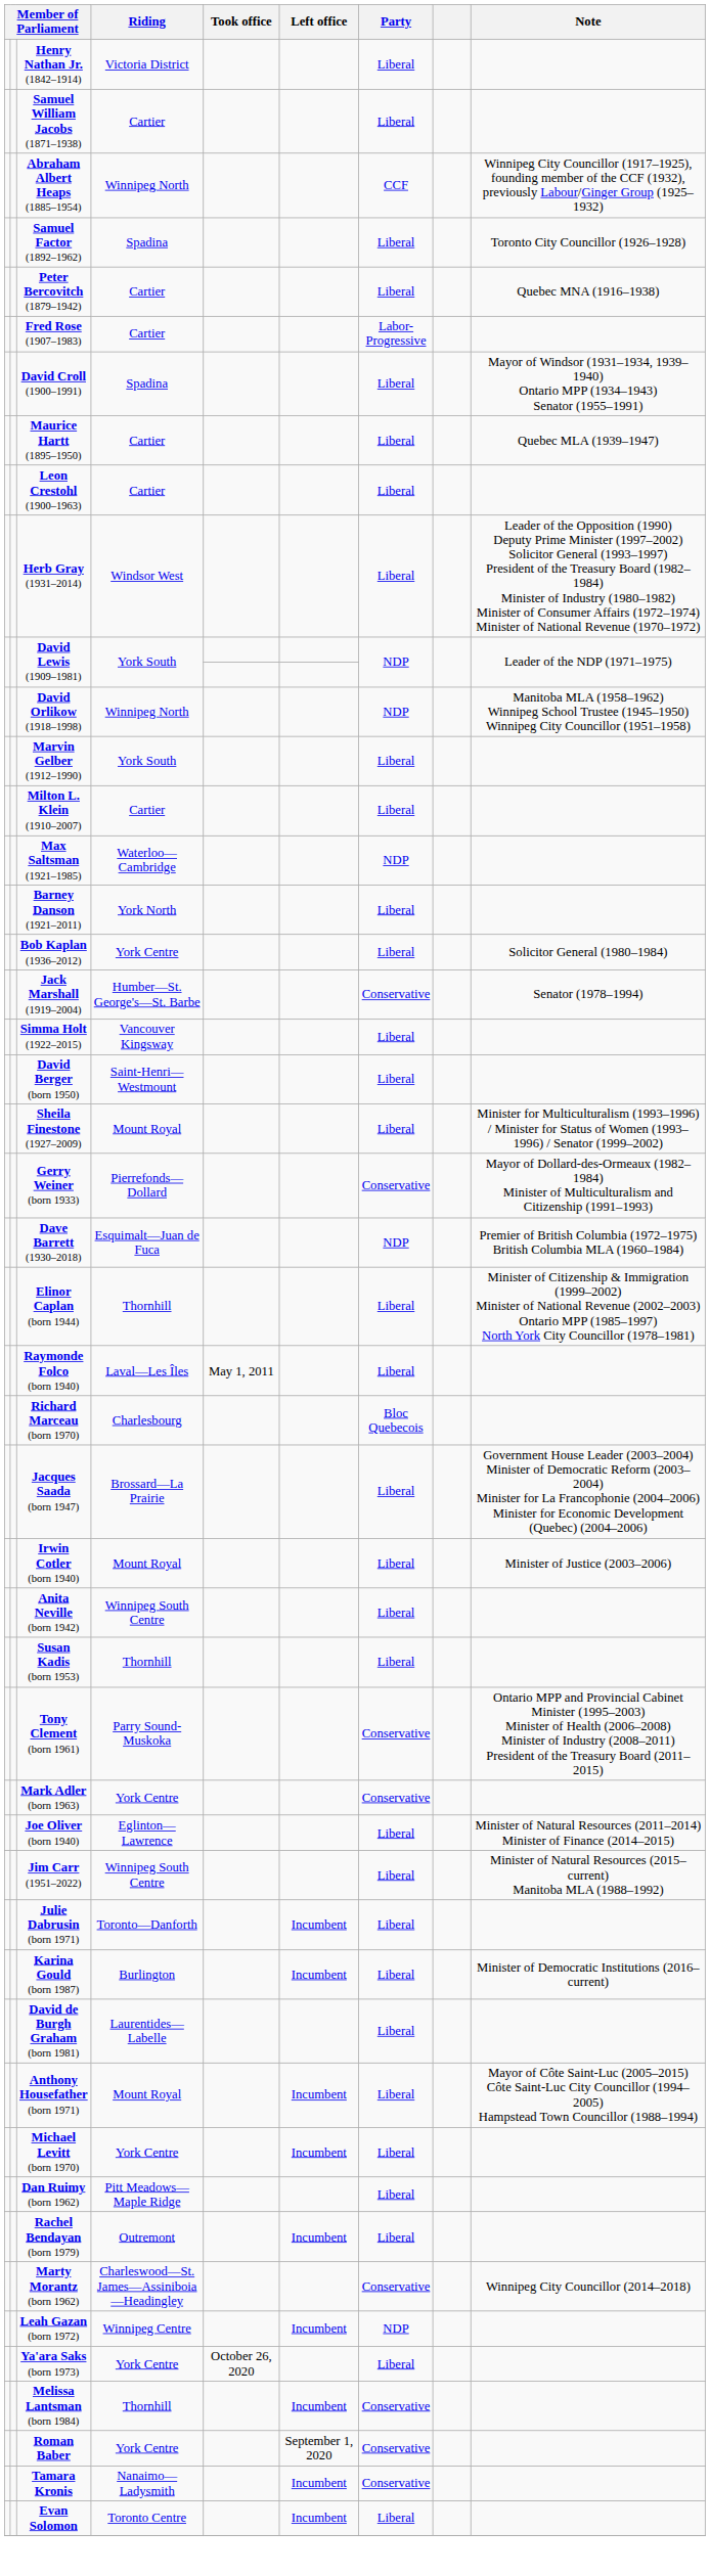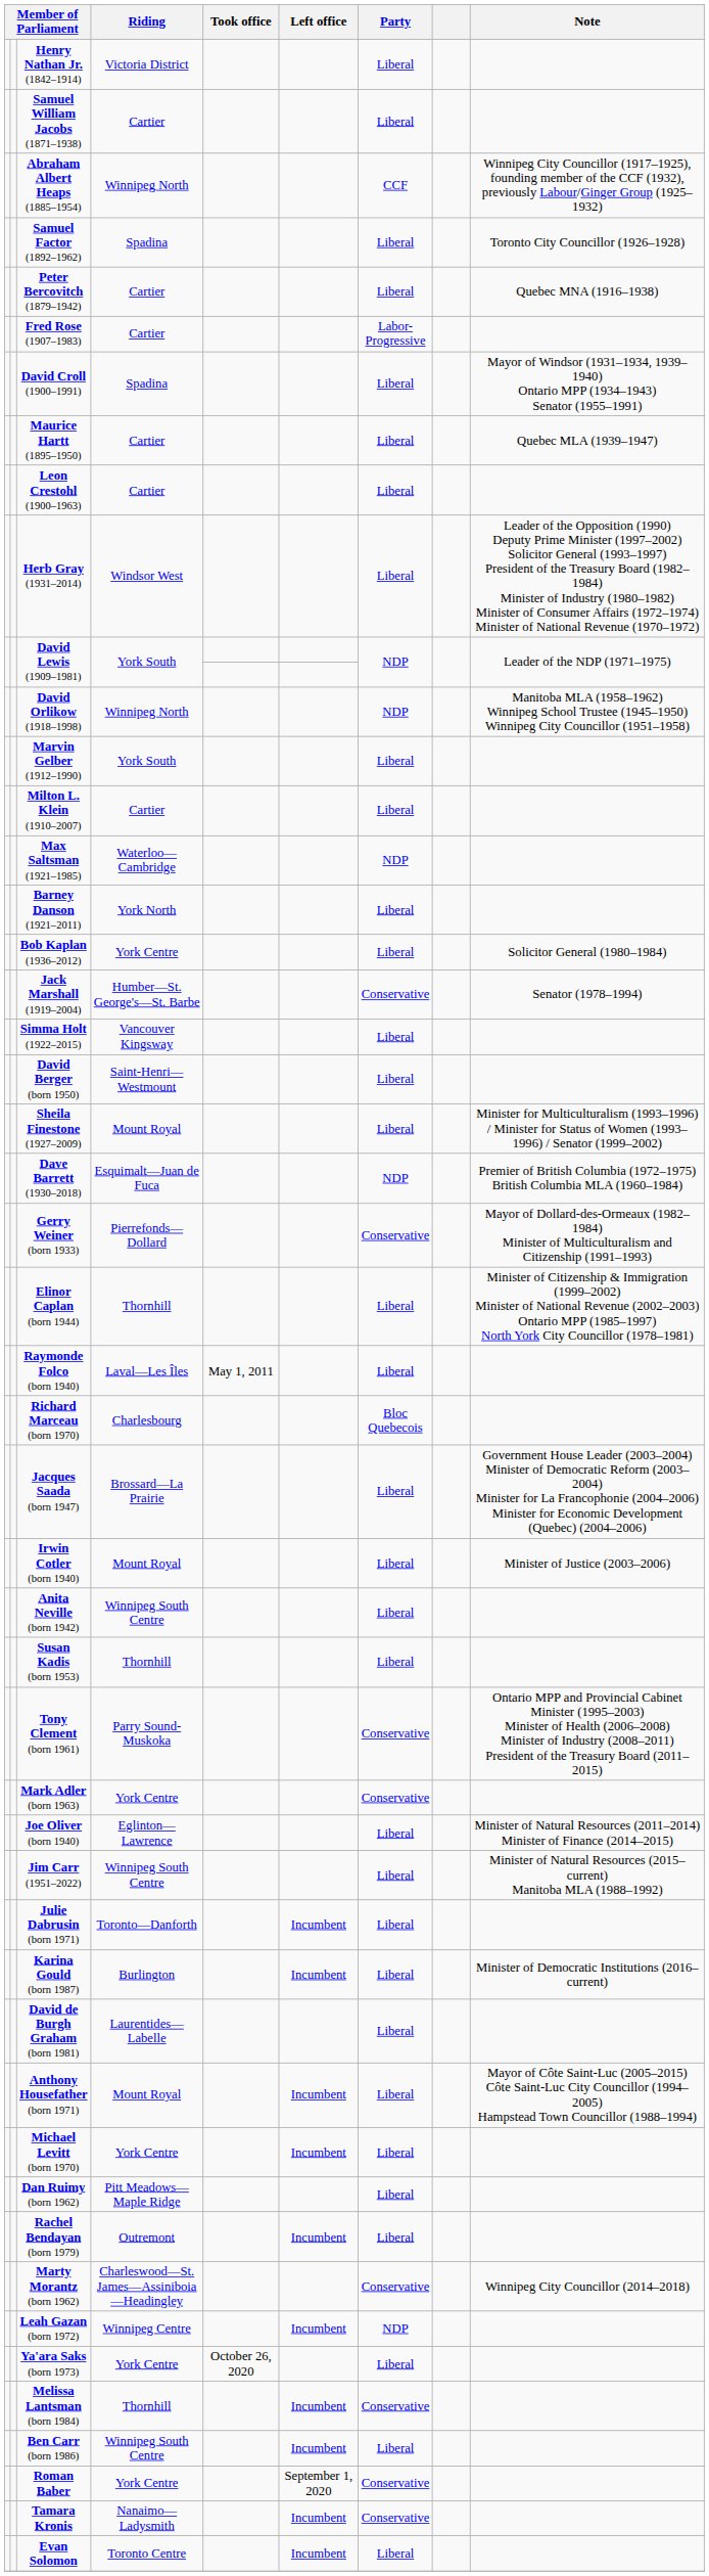 <table class="wikitable sortable plainrowheaders" style="text-align:center">
 <tr>
 <th colspan="3" class=unsortable><a href='#'>Member of Parliament</a></th>
 <th scope="col" width=150px><a href='#'>Riding</a></th>
 <th scope="col" width=100px>Took office</th>
 <th scope="col" width=100px>Left office</th>
 <th scope="col" width=70px><a href='#'>Party</a></th>
 <th scope="col" class=unsortable width=55px></th>
 <th scope="col" class=unsortable width=350px>Note</th>
 </tr>
 <tr>
 <td style="background:"></td>
 <td></td>
 <td><strong><a href='#'>Henry Nathan Jr.</a></strong><br><small>(1842–1914)</small></td>
 <td><a href='#'>Victoria District</a></td>
 <td></td>
 <td></td>
 <td><a href='#'>Liberal</a></td>
 <td></td>
 <td></td>
 </tr>
 <tr>
 <td style="background:"></td>
 <td></td>
 <td><strong><a href='#'>Samuel William Jacobs</a></strong><br><small>(1871–1938)</small></td>
 <td><a href='#'>Cartier</a></td>
 <td></td>
 <td></td>
 <td><a href='#'>Liberal</a></td>
 <td></td>
 <td></td>
 </tr>
 <tr>
 <td style="background:"></td>
 <td></td>
 <td><strong><a href='#'>Abraham Albert Heaps</a></strong><br><small>(1885–1954)</small></td>
 <td><a href='#'>Winnipeg North</a></td>
 <td></td>
 <td></td>
 <td><a href='#'>CCF</a></td>
 <td></td>
 <td>Winnipeg City Councillor (1917–1925), founding member of the CCF (1932), previously <a href='#'>Labour</a>/<a href='#'>Ginger Group</a> (1925–1932)</td>
 </tr>
 <tr>
 <td style="background:"></td>
 <td></td>
 <td><strong><a href='#'>Samuel Factor</a></strong><br><small>(1892–1962)</small></td>
 <td><a href='#'>Spadina</a></td>
 <td></td>
 <td></td>
 <td><a href='#'>Liberal</a></td>
 <td></td>
 <td>Toronto City Councillor (1926–1928)</td>
 </tr>
 <tr>
 <td style="background:"></td>
 <td></td>
 <td><strong><a href='#'>Peter Bercovitch</a></strong><br><small>(1879–1942)</small></td>
 <td><a href='#'>Cartier</a></td>
 <td></td>
 <td></td>
 <td><a href='#'>Liberal</a></td>
 <td></td>
 <td>Quebec MNA (1916–1938)</td>
 </tr>
 <tr>
 <td style="background:"></td>
 <td></td>
 <td><strong><a href='#'>Fred Rose</a></strong><br><small>(1907–1983)</small></td>
 <td><a href='#'>Cartier</a></td>
 <td></td>
 <td></td>
 <td><a href='#'>Labor-Progressive</a></td>
 <td></td>
 <td></td>
 </tr>
 <tr>
 <td style="background:"></td>
 <td></td>
 <td><strong><a href='#'>David Croll</a></strong><br><small>(1900–1991)</small></td>
 <td><a href='#'>Spadina</a></td>
 <td></td>
 <td></td>
 <td><a href='#'>Liberal</a></td>
 <td></td>
 <td>Mayor of Windsor (1931–1934, 1939–1940)<br>Ontario MPP (1934–1943)<br>Senator (1955–1991)</td>
 </tr>
 <tr>
 <td style="background:"></td>
 <td></td>
 <td><strong><a href='#'>Maurice Hartt</a></strong><br><small>(1895–1950)</small></td>
 <td><a href='#'>Cartier</a></td>
 <td></td>
 <td></td>
 <td><a href='#'>Liberal</a></td>
 <td></td>
 <td>Quebec MLA (1939–1947)</td>
 </tr>
 <tr>
 <td style="background:"></td>
 <td></td>
 <td><strong><a href='#'>Leon Crestohl</a></strong><br><small>(1900–1963)</small></td>
 <td><a href='#'>Cartier</a></td>
 <td></td>
 <td></td>
 <td><a href='#'>Liberal</a></td>
 <td></td>
 <td></td>
 </tr>
 <tr>
 <td style="background:"></td>
 <td></td>
 <td><strong><a href='#'>Herb Gray</a></strong><br><small>(1931–2014)</small></td>
 <td><a href='#'>Windsor West</a></td>
 <td></td>
 <td></td>
 <td><a href='#'>Liberal</a></td>
 <td></td>
 <td>Leader of the Opposition (1990)<br>Deputy Prime Minister (1997–2002)<br>Solicitor General (1993–1997)<br>President of the Treasury Board (1982–1984)<br>Minister of Industry (1980–1982)<br>Minister of Consumer Affairs (1972–1974)<br>Minister of National Revenue (1970–1972)</td>
 </tr>
 <tr>
 <td rowspan="2" style="background:"></td>
 <td rowspan="2"></td>
 <td rowspan="2"><strong><a href='#'>David Lewis</a></strong><br><small>(1909–1981)</small></td>
 <td rowspan="2"><a href='#'>York South</a></td>
 <td></td>
 <td></td>
 <td rowspan="2"><a href='#'>NDP</a></td>
 <td rowspan="2"></td>
 <td rowspan="2">Leader of the NDP (1971–1975)</td>
 </tr>
 <tr>
 <td></td>
 <td></td>
 </tr>
 <tr>
 <td style="background:"></td>
 <td></td>
 <td><strong><a href='#'>David Orlikow</a></strong><br><small>(1918–1998)</small></td>
 <td><a href='#'>Winnipeg North</a></td>
 <td></td>
 <td></td>
 <td><a href='#'>NDP</a></td>
 <td></td>
 <td>Manitoba MLA (1958–1962)<br>Winnipeg School Trustee (1945–1950)<br>Winnipeg City Councillor (1951–1958)</td>
 </tr>
 <tr>
 <td style="background:"></td>
 <td></td>
 <td><strong><a href='#'>Marvin Gelber</a></strong><br><small>(1912–1990)</small></td>
 <td><a href='#'>York South</a></td>
 <td></td>
 <td></td>
 <td><a href='#'>Liberal</a></td>
 <td></td>
 <td></td>
 </tr>
 <tr>
 <td style="background:"></td>
 <td></td>
 <td><strong><a href='#'>Milton L. Klein</a></strong><br><small>(1910–2007)</small></td>
 <td><a href='#'>Cartier</a></td>
 <td></td>
 <td></td>
 <td><a href='#'>Liberal</a></td>
 <td></td>
 <td></td>
 </tr>
 <tr>
 <td style="background:"></td>
 <td></td>
 <td><strong><a href='#'>Max Saltsman</a></strong><br><small>(1921–1985)</small></td>
 <td><a href='#'>Waterloo—Cambridge</a></td>
 <td></td>
 <td></td>
 <td><a href='#'>NDP</a></td>
 <td></td>
 <td></td>
 </tr>
 <tr>
 <td style="background:"></td>
 <td></td>
 <td><strong><a href='#'>Barney Danson</a></strong><br><small>(1921–2011)</small></td>
 <td><a href='#'>York North</a></td>
 <td></td>
 <td></td>
 <td><a href='#'>Liberal</a></td>
 <td></td>
 <td></td>
 </tr>
 <tr>
 <td style="background:"></td>
 <td></td>
 <td><strong><a href='#'>Bob Kaplan</a></strong><br><small>(1936–2012)</small></td>
 <td><a href='#'>York Centre</a></td>
 <td></td>
 <td></td>
 <td><a href='#'>Liberal</a></td>
 <td></td>
 <td>Solicitor General (1980–1984)</td>
 </tr>
 <tr>
 <td style="background:"></td>
 <td></td>
 <td><strong><a href='#'>Jack Marshall</a></strong><br><small>(1919–2004)</small></td>
 <td><a href='#'>Humber—St. George's—St. Barbe</a></td>
 <td></td>
 <td></td>
 <td><a href='#'>Conservative</a></td>
 <td></td>
 <td>Senator (1978–1994)</td>
 </tr>
 <tr>
 <td style="background:"></td>
 <td></td>
 <td><strong><a href='#'>Simma Holt</a></strong><br><small>(1922–2015)</small></td>
 <td><a href='#'>Vancouver Kingsway</a></td>
 <td></td>
 <td></td>
 <td><a href='#'>Liberal</a></td>
 <td></td>
 <td></td>
 </tr>
 <tr>
 <td style="background:"></td>
 <td></td>
 <td><strong><a href='#'>David Berger</a></strong><br><small>(born 1950)</small></td>
 <td><a href='#'>Saint-Henri—Westmount</a></td>
 <td></td>
 <td></td>
 <td><a href='#'>Liberal</a></td>
 <td></td>
 <td></td>
 </tr>
 <tr>
 <td style="background:"></td>
 <td></td>
 <td><strong><a href='#'>Sheila Finestone</a></strong><br><small>(1927–2009)</small></td>
 <td><a href='#'>Mount Royal</a></td>
 <td></td>
 <td></td>
 <td><a href='#'>Liberal</a></td>
 <td></td>
 <td>Minister for Multiculturalism (1993–1996) / Minister for Status of Women (1993–1996) / Senator (1999–2002)</td>
 </tr>
 <tr>
 <td style="background:"></td>
 <td></td>
+<td><strong><a href='#'>Dave Barrett</a></strong><br><small>(1930–2018)</small></td>
+<td><a href='#'>Esquimalt—Juan de Fuca</a></td>
+<td></td>
+<td></td>
+<td><a href='#'>NDP</a></td>
+<td></td>
+<td>Premier of British Columbia (1972–1975)<br>British Columbia MLA (1960–1984)</td>
+</tr>
+<tr>
+<td style="background:"></td>
+<td></td>
 <td><strong><a href='#'>Gerry Weiner</a></strong><br><small>(born 1933)</small></td>
 <td><a href='#'>Pierrefonds—Dollard</a></td>
 <td></td>
 <td></td>
 <td><a href='#'>Conservative</a></td>
 <td></td>
 <td>Mayor of Dollard-des-Ormeaux (1982–1984)<br>Minister of Multiculturalism and Citizenship (1991–1993)</td>
-</tr>
-<tr>
-<td style="background:"></td>
-<td></td>
-<td><strong><a href='#'>Dave Barrett</a></strong><br><small>(1930–2018)</small></td>
-<td><a href='#'>Esquimalt—Juan de Fuca</a></td>
-<td></td>
-<td></td>
-<td><a href='#'>NDP</a></td>
-<td></td>
-<td>Premier of British Columbia (1972–1975)<br>British Columbia MLA (1960–1984)</td>
 </tr>
 <tr>
 <td style="background:"></td>
 <td></td>
 <td><strong><a href='#'>Elinor Caplan</a></strong><br><small>(born 1944)</small></td>
 <td><a href='#'>Thornhill</a></td>
 <td></td>
 <td></td>
 <td><a href='#'>Liberal</a></td>
 <td></td>
 <td>Minister of Citizenship & Immigration (1999–2002)<br>Minister of National Revenue (2002–2003)<br>Ontario MPP (1985–1997)<br><a href='#'>North York</a> City Councillor (1978–1981)</td>
 </tr>
 <tr>
 <td style="background:"></td>
 <td></td>
 <td><strong><a href='#'>Raymonde Folco</a></strong><br><small>(born 1940)</small></td>
 <td><a href='#'>Laval—Les Îles</a></td>
 <td>May 1, 2011</td>
 <td></td>
 <td><a href='#'>Liberal</a></td>
 <td></td>
 <td></td>
 </tr>
 <tr>
 <td style="background:"></td>
 <td></td>
 <td><strong><a href='#'>Richard Marceau</a></strong><br><small>(born 1970)</small></td>
 <td><a href='#'>Charlesbourg</a></td>
 <td></td>
 <td></td>
 <td><a href='#'>Bloc Quebecois</a></td>
 <td></td>
 <td></td>
 </tr>
 <tr>
 <td style="background:"></td>
 <td></td>
 <td><strong><a href='#'>Jacques Saada</a></strong><br><small>(born 1947)</small></td>
 <td><a href='#'>Brossard—La Prairie</a></td>
 <td></td>
 <td></td>
 <td><a href='#'>Liberal</a></td>
 <td></td>
 <td>Government House Leader (2003–2004)<br>Minister of Democratic Reform (2003–2004)<br>Minister for La Francophonie (2004–2006)<br>Minister for Economic Development (Quebec) (2004–2006)</td>
 </tr>
 <tr>
 <td style="background:"></td>
 <td></td>
 <td><strong><a href='#'>Irwin Cotler</a></strong><br><small>(born 1940)</small></td>
 <td><a href='#'>Mount Royal</a></td>
 <td></td>
 <td></td>
 <td><a href='#'>Liberal</a></td>
 <td></td>
 <td>Minister of Justice (2003–2006)</td>
 </tr>
 <tr>
 <td style="background:"></td>
 <td></td>
 <td><strong><a href='#'>Anita Neville</a></strong><br><small>(born 1942)</small></td>
 <td><a href='#'>Winnipeg South Centre</a></td>
 <td></td>
 <td></td>
 <td><a href='#'>Liberal</a></td>
 <td></td>
 <td></td>
 </tr>
 <tr>
 <td style="background:"></td>
 <td></td>
 <td><strong><a href='#'>Susan Kadis</a></strong><br><small>(born 1953)</small></td>
 <td><a href='#'>Thornhill</a></td>
 <td></td>
 <td></td>
 <td><a href='#'>Liberal</a></td>
 <td></td>
 <td></td>
 </tr>
 <tr>
 <td style="background:"></td>
 <td></td>
 <td><strong><a href='#'>Tony Clement</a></strong><br><small>(born 1961)</small></td>
 <td><a href='#'>Parry Sound-Muskoka</a></td>
 <td></td>
 <td></td>
 <td><a href='#'>Conservative</a></td>
 <td></td>
 <td>Ontario MPP and Provincial Cabinet Minister (1995–2003)<br>Minister of Health (2006–2008)<br>Minister of Industry (2008–2011)<br>President of the Treasury Board (2011–2015)</td>
 </tr>
 <tr>
 <td style="background:"></td>
 <td></td>
 <td><strong><a href='#'>Mark Adler</a></strong><br><small>(born 1963)</small></td>
 <td><a href='#'>York Centre</a></td>
 <td></td>
 <td></td>
 <td><a href='#'>Conservative</a></td>
 <td></td>
 <td></td>
 </tr>
 <tr>
 <td style="background:"></td>
 <td></td>
 <td><strong><a href='#'>Joe Oliver</a></strong><br><small>(born 1940)</small></td>
 <td><a href='#'>Eglinton—Lawrence</a></td>
 <td></td>
 <td></td>
 <td><a href='#'>Liberal</a></td>
 <td></td>
 <td>Minister of Natural Resources (2011–2014)<br>Minister of Finance (2014–2015)</td>
 </tr>
 <tr>
 <td style="background:"></td>
 <td></td>
 <td><strong><a href='#'>Jim Carr</a></strong><br><small>(1951–2022)</small></td>
 <td><a href='#'>Winnipeg South Centre</a></td>
 <td></td>
 <td></td>
 <td><a href='#'>Liberal</a></td>
 <td></td>
 <td>Minister of Natural Resources (2015–current)<br>Manitoba MLA (1988–1992)</td>
 </tr>
 <tr>
 <td style="background:"></td>
 <td></td>
 <td><strong><a href='#'>Julie Dabrusin</a></strong><br><small>(born 1971)</small></td>
 <td><a href='#'>Toronto—Danforth</a></td>
 <td></td>
 <td><a href='#'>Incumbent</a></td>
 <td><a href='#'>Liberal</a></td>
 <td></td>
 <td></td>
 </tr>
 <tr>
 <td style="background:"></td>
 <td></td>
 <td><strong><a href='#'>Karina Gould</a></strong><br><small>(born 1987)</small></td>
 <td><a href='#'>Burlington</a></td>
 <td></td>
 <td><a href='#'>Incumbent</a></td>
 <td><a href='#'>Liberal</a></td>
 <td></td>
 <td>Minister of Democratic Institutions (2016–current)</td>
 </tr>
 <tr>
 <td style="background:"></td>
 <td></td>
 <td><strong><a href='#'>David de Burgh Graham</a></strong><br><small>(born 1981)</small></td>
 <td><a href='#'>Laurentides—Labelle</a></td>
 <td></td>
 <td></td>
 <td><a href='#'>Liberal</a></td>
 <td></td>
 <td></td>
 </tr>
 <tr>
 <td style="background:"></td>
 <td></td>
 <td><strong><a href='#'>Anthony Housefather</a></strong><br><small>(born 1971)</small></td>
 <td><a href='#'>Mount Royal</a></td>
 <td></td>
 <td><a href='#'>Incumbent</a></td>
 <td><a href='#'>Liberal</a></td>
 <td></td>
 <td>Mayor of Côte Saint-Luc (2005–2015)<br>Côte Saint-Luc City Councillor (1994–2005)<br>Hampstead Town Councillor (1988–1994)</td>
 </tr>
 <tr>
 <td style="background:"></td>
 <td></td>
 <td><strong><a href='#'>Michael Levitt</a></strong><br><small>(born 1970)</small></td>
 <td><a href='#'>York Centre</a></td>
 <td></td>
 <td><a href='#'>Incumbent</a></td>
 <td><a href='#'>Liberal</a></td>
 <td></td>
 <td></td>
 </tr>
 <tr>
 <td style="background:"></td>
 <td></td>
 <td><strong><a href='#'>Dan Ruimy</a></strong><br><small>(born 1962)</small></td>
 <td><a href='#'>Pitt Meadows—Maple Ridge</a></td>
 <td></td>
 <td></td>
 <td><a href='#'>Liberal</a></td>
 <td></td>
 <td></td>
 </tr>
 <tr>
 <td style="background:"></td>
 <td></td>
 <td><strong><a href='#'>Rachel Bendayan</a></strong><br><small>(born 1979)</small></td>
 <td><a href='#'>Outremont</a></td>
 <td></td>
 <td><a href='#'>Incumbent</a></td>
 <td><a href='#'>Liberal</a></td>
 <td></td>
 <td></td>
 </tr>
 <tr>
 <td style="background:"></td>
 <td></td>
 <td><strong><a href='#'>Marty Morantz</a></strong><br><small>(born 1962)</small></td>
 <td><a href='#'>Charleswood—St. James—Assiniboia—Headingley</a></td>
 <td></td>
 <td></td>
 <td><a href='#'>Conservative</a></td>
 <td></td>
 <td>Winnipeg City Councillor (2014–2018)</td>
 </tr>
 <tr>
 <td style="background:"></td>
 <td></td>
 <td><strong><a href='#'>Leah Gazan</a></strong><br><small>(born 1972)</small></td>
 <td><a href='#'>Winnipeg Centre</a></td>
 <td></td>
 <td><a href='#'>Incumbent</a></td>
 <td><a href='#'>NDP</a></td>
 <td></td>
 <td></td>
 </tr>
 <tr>
 <td style="background:"></td>
 <td></td>
 <td><strong><a href='#'>Ya'ara Saks</a></strong><br><small>(born 1973)</small></td>
 <td><a href='#'>York Centre</a></td>
 <td>October 26, 2020</td>
 <td></td>
 <td><a href='#'>Liberal</a></td>
 <td></td>
 <td></td>
 </tr>
 <tr>
 <td style="background:"></td>
 <td></td>
 <td><strong><a href='#'>Melissa Lantsman</a></strong><br><small>(born 1984)</small></td>
 <td><a href='#'>Thornhill</a></td>
 <td></td>
 <td><a href='#'>Incumbent</a></td>
 <td><a href='#'>Conservative</a></td>
 <td></td>
 <td></td>
 </tr>
 <tr>
 <td style="background:"></td>
 <td></td>
+<td><strong><a href='#'>Ben Carr</a></strong><br><small>(born 1986)</small></td>
+<td><a href='#'>Winnipeg South Centre</a></td>
+<td></td>
+<td><a href='#'>Incumbent</a></td>
+<td><a href='#'>Liberal</a></td>
+<td></td>
+<td></td>
+</tr>
+<tr>
+<td style="background:"></td>
+<td></td>
 <td><strong><a href='#'>Roman Baber</a></strong></td>
 <td><a href='#'>York Centre</a></td>
 <td></td>
 <td>September 1, 2020</td>
 <td><a href='#'>Conservative</a></td>
 <td></td>
 <td></td>
 </tr>
 <tr>
 <td style="background:"></td>
 <td></td>
 <td><strong><a href='#'>Tamara Kronis</a></strong></td>
 <td><a href='#'>Nanaimo—Ladysmith</a></td>
 <td></td>
 <td><a href='#'>Incumbent</a></td>
 <td><a href='#'>Conservative</a></td>
 <td></td>
 <td></td>
 </tr>
 <tr>
 <td style="background:"></td>
 <td></td>
 <td><strong><a href='#'>Evan Solomon</a></strong></td>
 <td><a href='#'>Toronto Centre</a></td>
 <td></td>
 <td><a href='#'>Incumbent</a></td>
 <td><a href='#'>Liberal</a></td>
 <td></td>
 <td></td>
 </tr>
 <tr>
 </tr>
 </table>
